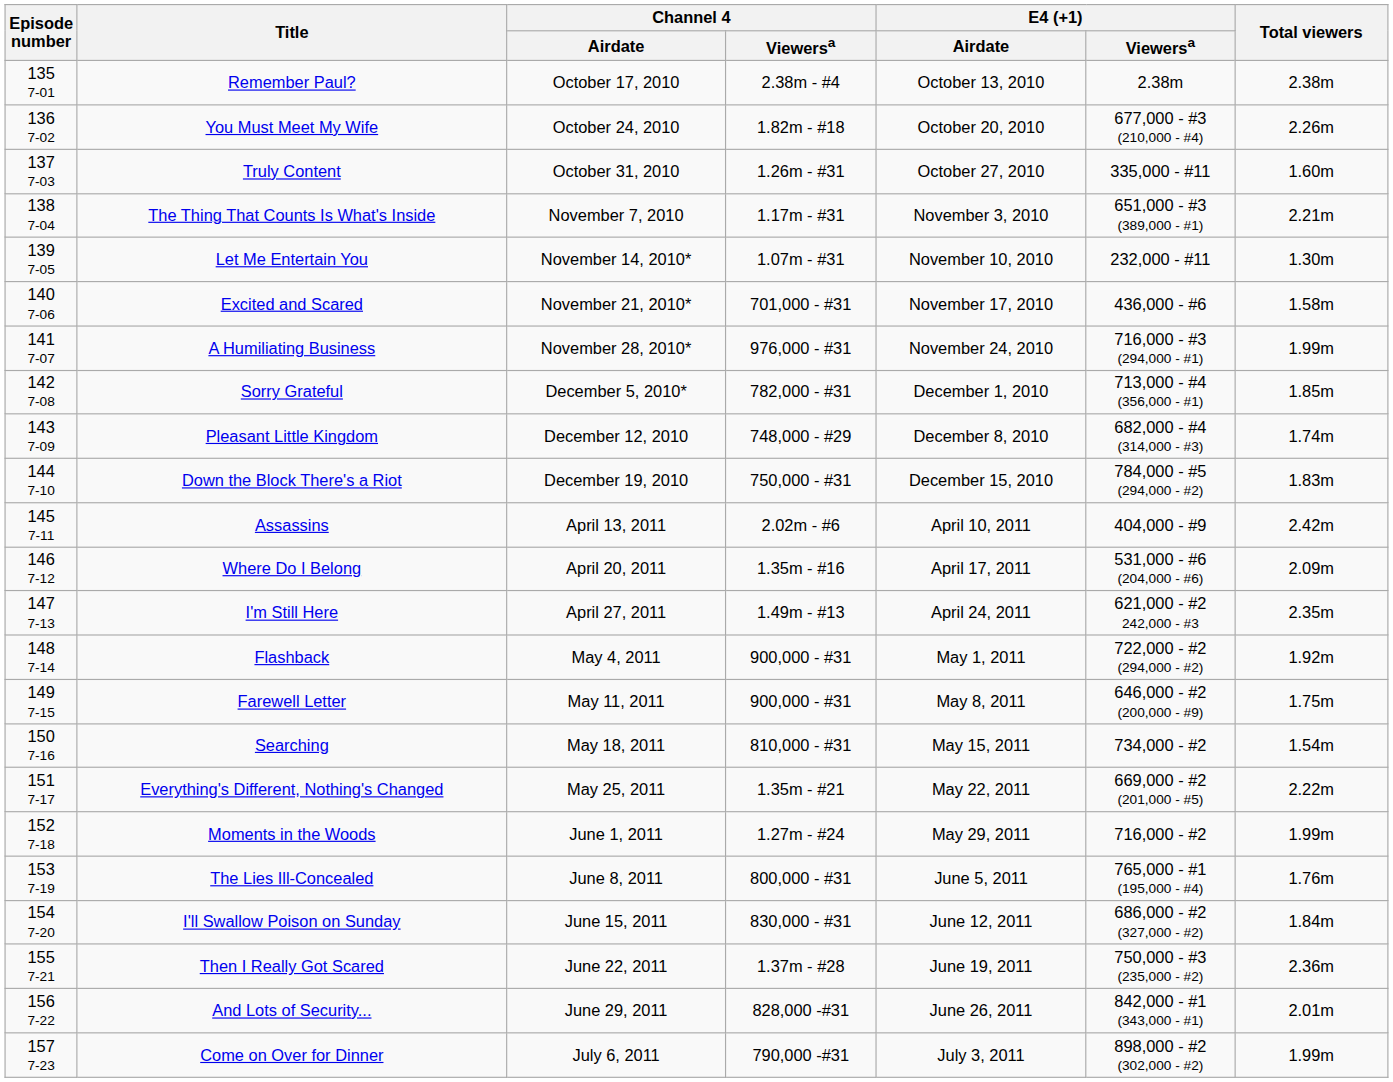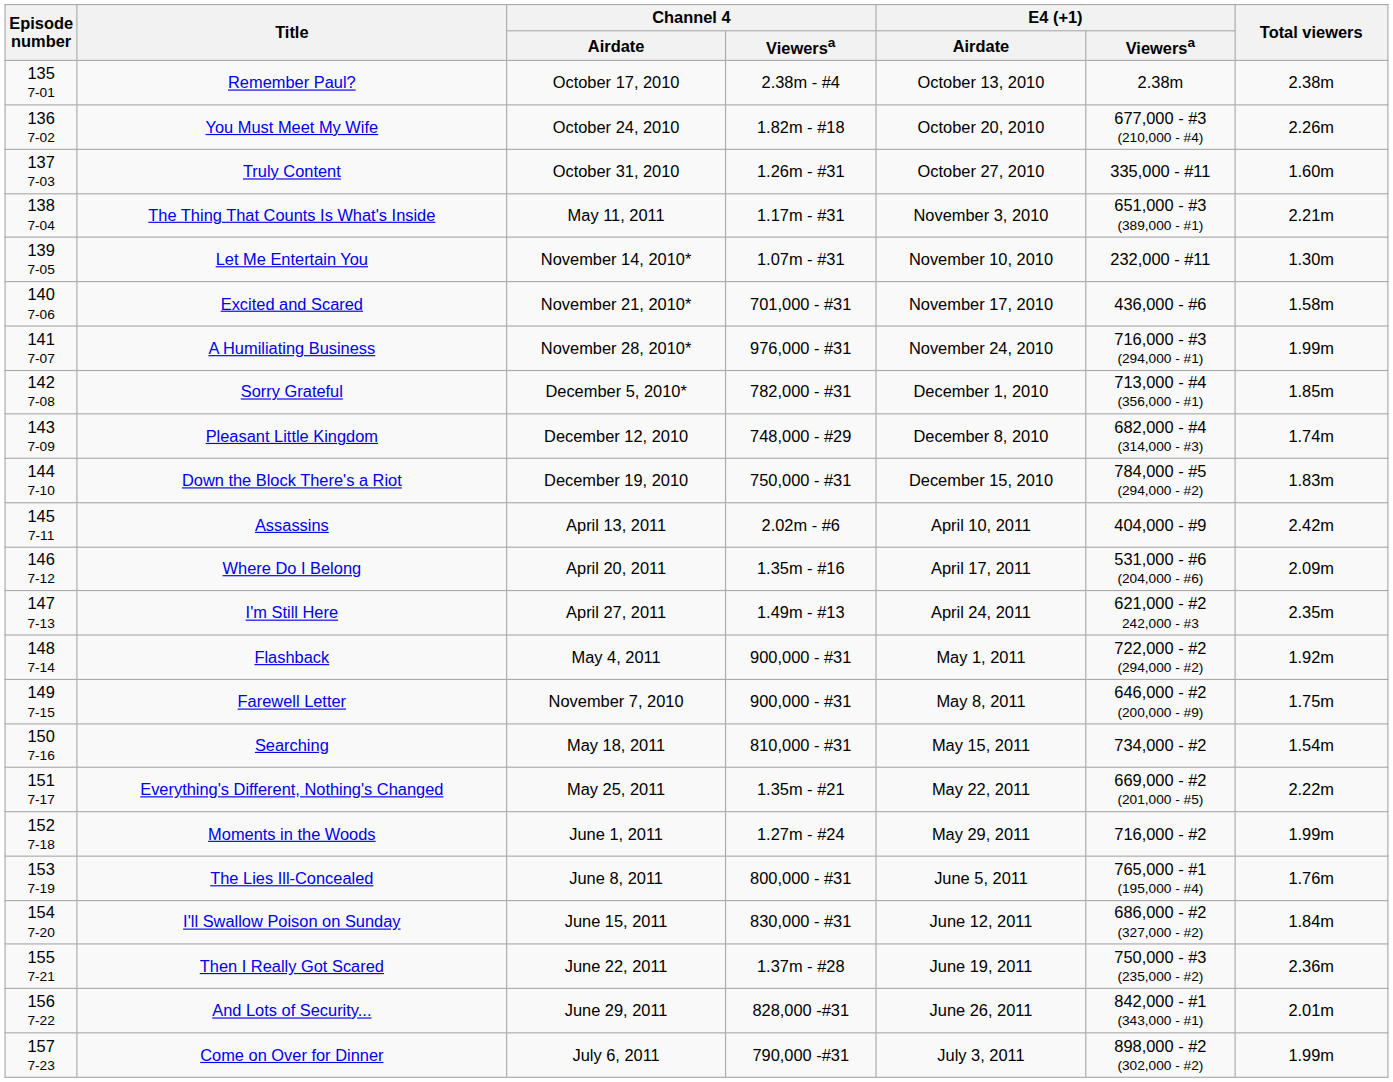 <table class="wikitable" style="font-size:90%; text-align:center; width: 96%; margin-left: auto; margin-right: auto;">
 <tr>
 <th width="50px" rowspan="2">Episode number</th>
 <th rowspan="2">Title</th>
 <th colspan="2">Channel 4</th>
 <th colspan="2">E4 (+1)</th>
 <th rowspan="2">Total viewers</th>
 </tr>
 <tr>
 <th>Airdate</th>
 <th>Viewers<sup>a</sup></th>
 <th>Airdate</th>
 <th>Viewers<sup>a</sup></th>
 </tr>
 <tr>
 <td>135<br><small>7-01</small></td>
 <td><a href='#'>Remember Paul?</a></td>
 <td>October 17, 2010</td>
 <td>2.38m - #4</td>
 <td>October 13, 2010</td>
 <td>2.38m</td>
 <td>2.38m</td>
 </tr>
 <tr>
 <td>136<br><small>7-02</small></td>
 <td><a href='#'>You Must Meet My Wife</a></td>
 <td>October 24, 2010</td>
 <td>1.82m - #18</td>
 <td>October 20, 2010</td>
 <td>677,000 - #3<br><small>(210,000 - #4)</small></td>
 <td>2.26m</td>
 </tr>
 <tr>
 <td>137<br><small>7-03</small></td>
 <td><a href='#'>Truly Content</a></td>
 <td>October 31, 2010</td>
 <td>1.26m - #31</td>
 <td>October 27, 2010</td>
 <td>335,000 - #11</td>
 <td>1.60m</td>
 </tr>
 <tr>
 <td>138<br><small>7-04</small></td>
 <td><a href='#'>The Thing That Counts Is What's Inside</a></td>
-<td>November 7, 2010</td>
+<td>May 11, 2011</td>
 <td>1.17m - #31</td>
 <td>November 3, 2010</td>
 <td>651,000 - #3<br><small>(389,000 - #1)</small></td>
 <td>2.21m</td>
 </tr>
 <tr>
 <td>139<br><small>7-05</small></td>
 <td><a href='#'>Let Me Entertain You</a></td>
 <td>November 14, 2010*</td>
 <td>1.07m - #31</td>
 <td>November 10, 2010</td>
 <td>232,000 - #11</td>
 <td>1.30m</td>
 </tr>
 <tr>
 <td>140<br><small>7-06</small></td>
 <td><a href='#'>Excited and Scared</a></td>
 <td>November 21, 2010*</td>
 <td>701,000 - #31</td>
 <td>November 17, 2010</td>
 <td>436,000 - #6</td>
 <td>1.58m</td>
 </tr>
 <tr>
 <td>141<br><small>7-07</small></td>
 <td><a href='#'>A Humiliating Business</a></td>
 <td>November 28, 2010*</td>
 <td>976,000 - #31</td>
 <td>November 24, 2010</td>
 <td>716,000 - #3<br><small>(294,000 - #1)</small></td>
 <td>1.99m</td>
 </tr>
 <tr>
 <td>142<br><small>7-08</small></td>
 <td><a href='#'>Sorry Grateful</a></td>
 <td>December 5, 2010*</td>
 <td>782,000 - #31</td>
 <td>December 1, 2010</td>
 <td>713,000 - #4<br><small>(356,000 - #1)</small></td>
 <td>1.85m</td>
 </tr>
 <tr>
 <td>143<br><small>7-09</small></td>
 <td><a href='#'>Pleasant Little Kingdom</a></td>
 <td>December 12, 2010</td>
 <td>748,000 - #29</td>
 <td>December 8, 2010</td>
 <td>682,000 - #4<br><small>(314,000 - #3)</small></td>
 <td>1.74m</td>
 </tr>
 <tr>
 <td>144<br><small>7-10</small></td>
 <td><a href='#'>Down the Block There's a Riot</a></td>
 <td>December 19, 2010</td>
 <td>750,000 - #31</td>
 <td>December 15, 2010</td>
 <td>784,000 - #5<br><small>(294,000 - #2)</small></td>
 <td>1.83m</td>
 </tr>
 <tr>
 <td>145<br><small>7-11</small></td>
 <td><a href='#'>Assassins</a></td>
 <td>April 13, 2011</td>
 <td>2.02m - #6</td>
 <td>April 10, 2011</td>
 <td>404,000 - #9</td>
 <td>2.42m</td>
 </tr>
 <tr>
 <td>146<br><small>7-12</small></td>
 <td><a href='#'>Where Do I Belong</a></td>
 <td>April 20, 2011</td>
 <td>1.35m - #16</td>
 <td>April 17, 2011</td>
 <td>531,000 - #6<br><small>(204,000 - #6)</small></td>
 <td>2.09m</td>
 </tr>
 <tr>
 <td>147<br><small>7-13</small></td>
 <td><a href='#'>I'm Still Here</a></td>
 <td>April 27, 2011</td>
 <td>1.49m - #13</td>
 <td>April 24, 2011</td>
 <td>621,000 - #2<br><small>242,000 - #3</small></td>
 <td>2.35m</td>
 </tr>
 <tr>
 <td>148<br><small>7-14</small></td>
 <td><a href='#'>Flashback</a></td>
 <td>May 4, 2011</td>
 <td>900,000 - #31</td>
 <td>May 1, 2011</td>
 <td>722,000 - #2<br><small>(294,000 - #2)</small></td>
 <td>1.92m</td>
 </tr>
 <tr>
 <td>149<br><small>7-15</small></td>
 <td><a href='#'>Farewell Letter</a></td>
-<td>May 11, 2011</td>
+<td>November 7, 2010</td>
 <td>900,000 - #31</td>
 <td>May 8, 2011</td>
 <td>646,000 - #2<br><small>(200,000 - #9)</small></td>
 <td>1.75m</td>
 </tr>
 <tr>
 <td>150<br><small>7-16</small></td>
 <td><a href='#'>Searching</a></td>
 <td>May 18, 2011</td>
 <td>810,000 - #31</td>
 <td>May 15, 2011</td>
 <td>734,000 - #2</td>
 <td>1.54m</td>
 </tr>
 <tr>
 <td>151<br><small>7-17</small></td>
 <td><a href='#'>Everything's Different, Nothing's Changed</a></td>
 <td>May 25, 2011</td>
 <td>1.35m - #21</td>
 <td>May 22, 2011</td>
 <td>669,000 - #2<br><small>(201,000 - #5)</small></td>
 <td>2.22m</td>
 </tr>
 <tr>
 <td>152<br><small>7-18</small></td>
 <td><a href='#'>Moments in the Woods</a></td>
 <td>June 1, 2011</td>
 <td>1.27m - #24</td>
 <td>May 29, 2011</td>
 <td>716,000 - #2</td>
 <td>1.99m</td>
 </tr>
 <tr>
 <td>153<br><small>7-19</small></td>
 <td><a href='#'>The Lies Ill-Concealed</a></td>
 <td>June 8, 2011</td>
 <td>800,000 - #31</td>
 <td>June 5, 2011</td>
 <td>765,000 - #1<br><small>(195,000 - #4)</small></td>
 <td>1.76m</td>
 </tr>
 <tr>
 <td>154<br><small>7-20</small></td>
 <td><a href='#'>I'll Swallow Poison on Sunday</a></td>
 <td>June 15, 2011</td>
 <td>830,000 - #31</td>
 <td>June 12, 2011</td>
 <td>686,000 - #2<br><small>(327,000 - #2)</small></td>
 <td>1.84m</td>
 </tr>
 <tr>
 <td>155<br><small>7-21</small></td>
 <td><a href='#'>Then I Really Got Scared</a></td>
 <td>June 22, 2011</td>
 <td>1.37m - #28</td>
 <td>June 19, 2011</td>
 <td>750,000 - #3<br><small>(235,000 - #2)</small></td>
 <td>2.36m</td>
 </tr>
 <tr>
 <td>156<br><small>7-22</small></td>
 <td><a href='#'>And Lots of Security...</a></td>
 <td>June 29, 2011</td>
 <td>828,000 -#31</td>
 <td>June 26, 2011</td>
 <td>842,000 - #1<br><small>(343,000 - #1)</small></td>
 <td>2.01m</td>
 </tr>
 <tr>
 <td>157<br><small>7-23</small></td>
 <td><a href='#'>Come on Over for Dinner</a></td>
 <td>July 6, 2011</td>
 <td>790,000 -#31</td>
 <td>July 3, 2011</td>
 <td>898,000 - #2<br><small>(302,000 - #2)</small></td>
 <td>1.99m</td>
 </tr>
 </table>
